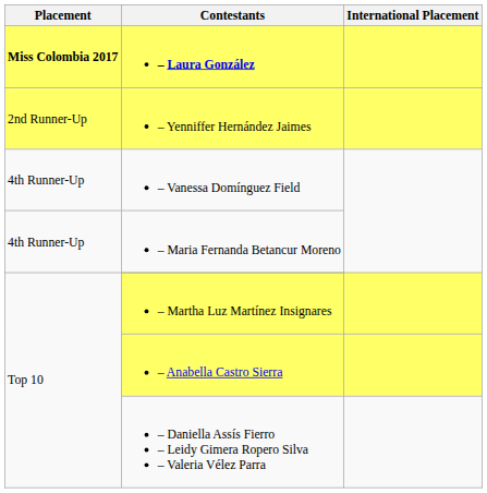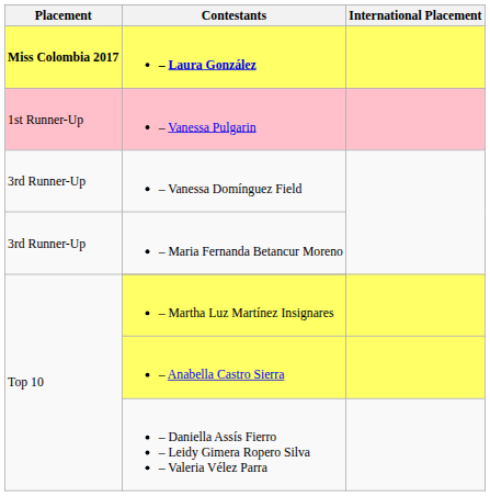 <table class="wikitable sortable" style="font-size: 95%;">
 <tr>
 <th>Placement</th>
 <th>Contestants</th>
 <th>International Placement</th>
 </tr>
 <tr style="background:#FFFF66;">
 <td><strong>Miss Colombia 2017</strong></td>
 <td><br><ul><li><strong> – <a href='#'>Laura González</a></strong></li></ul></td>
 <td></td>
 </tr>
-<tr style="background:#FFFF66;">
-<td>2nd Runner-Up</td>
-<td><br><ul><li> – Yenniffer Hernández Jaimes</li></ul></td>
+<tr style="background:pink;">
+<td>1st Runner-Up</td>
+<td><br><ul><li> – <a href='#'>Vanessa Pulgarin</a></li></ul></td>
 <td></td>
 </tr>
 <tr>
-<td>4th Runner-Up</td>
+<td>3rd Runner-Up</td>
 <td><br><ul><li> – Vanessa Domínguez Field</li></ul></td>
 </tr>
 <tr>
-<td>4th Runner-Up</td>
+<td>3rd Runner-Up</td>
 <td><br><ul><li> – Maria Fernanda Betancur Moreno</li></ul></td>
 </tr>
 <tr>
 <td rowspan="6">Top 10</td>
 </tr>
 <tr style="background:#FFFF66;">
 <td><br><ul><li> – Martha Luz Martínez Insignares</li></ul></td>
 <td></td>
 </tr>
 <tr style="background:#FFFF66;">
 <td><br><ul><li> – <a href='#'>Anabella Castro Sierra</a></li></ul></td>
 <td></td>
 </tr>
 <tr>
 <td><br><ul><li> – Daniella Assís Fierro</li><li> – Leidy Gimera Ropero Silva</li><li> – Valeria Vélez Parra</li></ul></td>
 </tr>
 </table>
